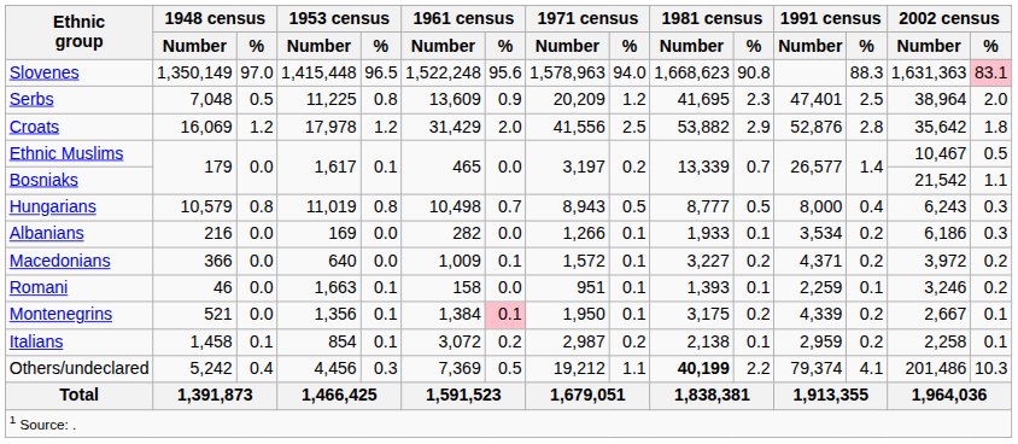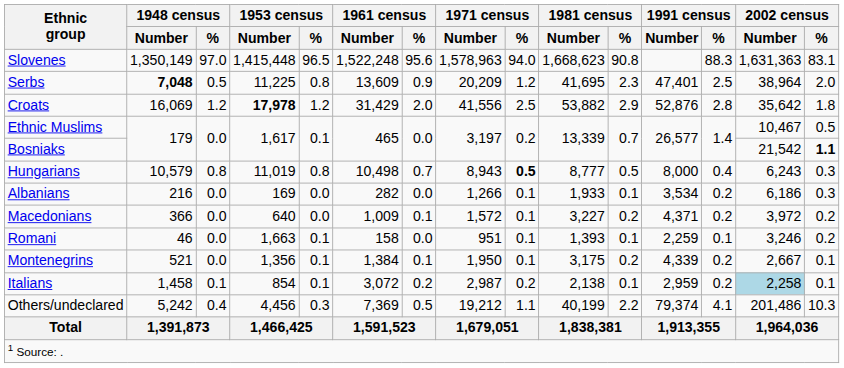 <table class="wikitable">
 <tr bgcolor="#e0e0e0">
 <th rowspan="2">Ethnic<br>group</th>
 <th colspan="2">1948 census</th>
 <th colspan="2">1953 census</th>
 <th colspan="2">1961 census</th>
 <th colspan="2">1971 census</th>
 <th colspan="2">1981 census</th>
 <th colspan="2">1991 census</th>
 <th colspan="2">2002 census</th>
 </tr>
 <tr bgcolor="#e0e0e0">
 <th>Number</th>
 <th>%</th>
 <th>Number</th>
 <th>%</th>
 <th>Number</th>
 <th>%</th>
 <th>Number</th>
 <th>%</th>
 <th>Number</th>
 <th>%</th>
 <th>Number</th>
 <th>%</th>
 <th>Number</th>
 <th>%</th>
 </tr>
 <tr>
 <td><a href='#'>Slovenes</a></td>
 <td align="right">1,350,149</td>
 <td align="right">97.0</td>
 <td align="right">1,415,448</td>
 <td align="right">96.5</td>
 <td align="right">1,522,248</td>
 <td align="right">95.6</td>
 <td align="right">1,578,963</td>
 <td align="right">94.0</td>
 <td align="right">1,668,623</td>
 <td align="right">90.8</td>
 <td align="right"></td>
 <td align="right">88.3</td>
 <td align="right">1,631,363</td>
-<td align="right" style="background: pink;">83.1</td>
+<td align="right">83.1</td>
 </tr>
 <tr>
 <td><a href='#'>Serbs</a></td>
-<td align="right">7,048</td>
+<td align="right"><strong>7,048</strong></td>
 <td align="right">0.5</td>
 <td align="right">11,225</td>
 <td align="right">0.8</td>
 <td align="right">13,609</td>
 <td align="right">0.9</td>
 <td align="right">20,209</td>
 <td align="right">1.2</td>
 <td align="right">41,695</td>
 <td align="right">2.3</td>
 <td align="right">47,401</td>
 <td align="right">2.5</td>
 <td align="right">38,964</td>
 <td align="right">2.0</td>
 </tr>
 <tr>
 <td><a href='#'>Croats</a></td>
 <td align="right">16,069</td>
 <td align="right">1.2</td>
-<td align="right">17,978</td>
+<td align="right"><strong>17,978</strong></td>
 <td align="right">1.2</td>
 <td align="right">31,429</td>
 <td align="right">2.0</td>
 <td align="right">41,556</td>
 <td align="right">2.5</td>
 <td align="right">53,882</td>
 <td align="right">2.9</td>
 <td align="right">52,876</td>
 <td align="right">2.8</td>
 <td align="right">35,642</td>
 <td align="right">1.8</td>
 </tr>
 <tr>
 <td><a href='#'>Ethnic Muslims</a></td>
 <td align="right" rowspan="2">179</td>
 <td align="right" rowspan="2">0.0</td>
 <td align="right" rowspan="2">1,617</td>
 <td align="right" rowspan="2">0.1</td>
 <td align="right" rowspan="2">465</td>
 <td align="right" rowspan="2">0.0</td>
 <td align="right" rowspan="2">3,197</td>
 <td align="right" rowspan="2">0.2</td>
 <td align="right" rowspan="2">13,339</td>
 <td align="right" rowspan="2">0.7</td>
 <td align="right" rowspan="2">26,577</td>
 <td align="right" rowspan="2">1.4</td>
 <td align="right">10,467</td>
 <td align="right">0.5</td>
 </tr>
 <tr>
 <td><a href='#'>Bosniaks</a></td>
 <td align="right">21,542</td>
-<td align="right">1.1</td>
+<td align="right"><strong>1.1</strong></td>
 </tr>
 <tr>
 <td><a href='#'>Hungarians</a></td>
 <td align="right">10,579</td>
 <td align="right">0.8</td>
 <td align="right">11,019</td>
 <td align="right">0.8</td>
 <td align="right">10,498</td>
 <td align="right">0.7</td>
 <td align="right">8,943</td>
-<td align="right">0.5</td>
+<td align="right"><strong>0.5</strong></td>
 <td align="right">8,777</td>
 <td align="right">0.5</td>
 <td align="right">8,000</td>
 <td align="right">0.4</td>
 <td align="right">6,243</td>
 <td align="right">0.3</td>
 </tr>
 <tr>
 <td><a href='#'>Albanians</a></td>
 <td align="right">216</td>
 <td align="right">0.0</td>
 <td align="right">169</td>
 <td align="right">0.0</td>
 <td align="right">282</td>
 <td align="right">0.0</td>
 <td align="right">1,266</td>
 <td align="right">0.1</td>
 <td align="right">1,933</td>
 <td align="right">0.1</td>
 <td align="right">3,534</td>
 <td align="right">0.2</td>
 <td align="right">6,186</td>
 <td align="right">0.3</td>
 </tr>
 <tr>
 <td><a href='#'>Macedonians</a></td>
 <td align="right">366</td>
 <td align="right">0.0</td>
 <td align="right">640</td>
 <td align="right">0.0</td>
 <td align="right">1,009</td>
 <td align="right">0.1</td>
 <td align="right">1,572</td>
 <td align="right">0.1</td>
 <td align="right">3,227</td>
 <td align="right">0.2</td>
 <td align="right">4,371</td>
 <td align="right">0.2</td>
 <td align="right">3,972</td>
 <td align="right">0.2</td>
 </tr>
 <tr>
 <td><a href='#'>Romani</a></td>
 <td align="right">46</td>
 <td align="right">0.0</td>
 <td align="right">1,663</td>
 <td align="right">0.1</td>
 <td align="right">158</td>
 <td align="right">0.0</td>
 <td align="right">951</td>
 <td align="right">0.1</td>
 <td align="right">1,393</td>
 <td align="right">0.1</td>
 <td align="right">2,259</td>
 <td align="right">0.1</td>
 <td align="right">3,246</td>
 <td align="right">0.2</td>
 </tr>
 <tr>
 <td><a href='#'>Montenegrins</a></td>
 <td align="right">521</td>
 <td align="right">0.0</td>
 <td align="right">1,356</td>
 <td align="right">0.1</td>
 <td align="right">1,384</td>
-<td align="right" style="background: pink;">0.1</td>
+<td align="right">0.1</td>
 <td align="right">1,950</td>
 <td align="right">0.1</td>
 <td align="right">3,175</td>
 <td align="right">0.2</td>
 <td align="right">4,339</td>
 <td align="right">0.2</td>
 <td align="right">2,667</td>
 <td align="right">0.1</td>
 </tr>
 <tr>
 <td><a href='#'>Italians</a></td>
 <td align="right">1,458</td>
 <td align="right">0.1</td>
 <td align="right">854</td>
 <td align="right">0.1</td>
 <td align="right">3,072</td>
 <td align="right">0.2</td>
 <td align="right">2,987</td>
 <td align="right">0.2</td>
 <td align="right">2,138</td>
 <td align="right">0.1</td>
 <td align="right">2,959</td>
 <td align="right">0.2</td>
-<td align="right">2,258</td>
+<td align="right" style="background: lightblue;">2,258</td>
 <td align="right">0.1</td>
 </tr>
 <tr>
 <td>Others/undeclared</td>
 <td align="right">5,242</td>
 <td align="right">0.4</td>
 <td align="right">4,456</td>
 <td align="right">0.3</td>
 <td align="right">7,369</td>
 <td align="right">0.5</td>
 <td align="right">19,212</td>
 <td align="right">1.1</td>
-<td align="right"><strong>40,199</strong></td>
+<td align="right">40,199</td>
 <td align="right">2.2</td>
 <td align="right">79,374</td>
 <td align="right">4.1</td>
 <td align="right">201,486</td>
 <td align="right">10.3</td>
 </tr>
 <tr bgcolor="#e0e0e0">
 <th align="left">Total</th>
 <th colspan="2">1,391,873</th>
 <th colspan="2">1,466,425</th>
 <th colspan="2">1,591,523</th>
 <th colspan="2">1,679,051</th>
 <th colspan="2">1,838,381</th>
 <th colspan="2">1,913,355</th>
 <th colspan="2">1,964,036</th>
 </tr>
 <tr>
 <td colspan="15"><small><sup>1</sup> Source:  . </small></td>
 </tr>
 </table>
